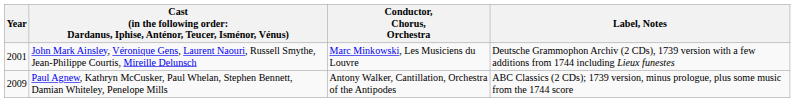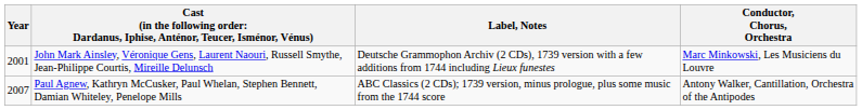 <table class="wikitable">
 <tr>
 <th>Year</th>
 <th>Cast<br>(in the following order:<br>Dardanus, Iphise, Anténor, Teucer, Isménor, Vénus)</th>
+<th>Label, Notes</th>
 <th>Conductor,<br>Chorus, <br>Orchestra</th>
-<th>Label, Notes</th>
 </tr>
 <tr>
 <td>2001</td>
 <td><a href='#'>John Mark Ainsley</a>, <a href='#'>Véronique Gens</a>, <a href='#'>Laurent Naouri</a>, Russell Smythe, Jean-Philippe Courtis, <a href='#'>Mireille Delunsch</a></td>
+<td>Deutsche Grammophon Archiv (2 CDs), 1739 version with a few additions from 1744 including <em>Lieux funestes</em></td>
 <td><a href='#'>Marc Minkowski</a>, Les Musiciens du Louvre</td>
-<td>Deutsche Grammophon Archiv (2 CDs), 1739 version with a few additions from 1744 including <em>Lieux funestes</em></td>
 </tr>
 <tr>
-<td>2009</td>
+<td>2007</td>
 <td><a href='#'>Paul Agnew</a>, Kathryn McCusker, Paul Whelan, Stephen Bennett, Damian Whiteley, Penelope Mills</td>
+<td>ABC Classics (2 CDs); 1739 version, minus prologue, plus some music from the 1744 score</td>
 <td>Antony Walker, Cantillation, Orchestra of the Antipodes</td>
-<td>ABC Classics (2 CDs); 1739 version, minus prologue, plus some music from the 1744 score</td>
 </tr>
 </table>
